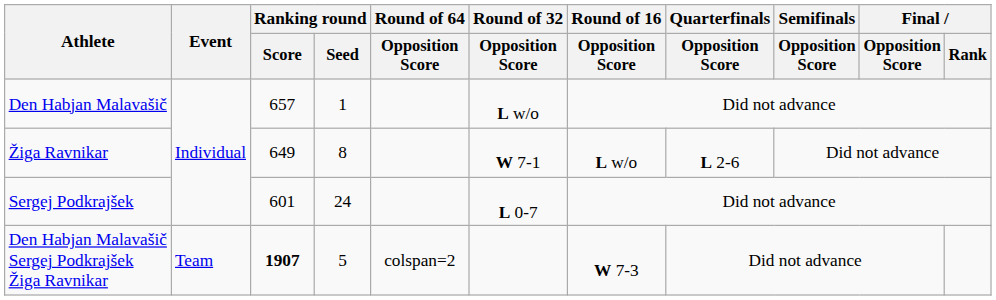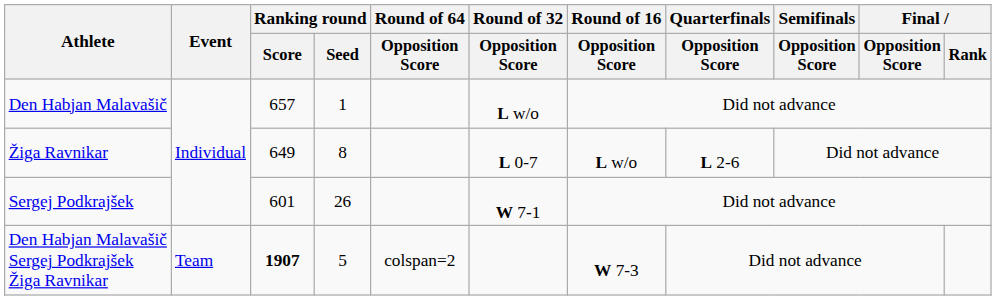 <table class="wikitable" style="font-size:90%">
 <tr>
 <th rowspan=2>Athlete</th>
 <th rowspan=2>Event</th>
 <th colspan=2>Ranking round</th>
 <th>Round of 64</th>
 <th>Round of 32</th>
 <th>Round of 16</th>
 <th>Quarterfinals</th>
 <th>Semifinals</th>
 <th colspan=2>Final / </th>
 </tr>
 <tr style="font-size:95%">
 <th>Score</th>
 <th>Seed</th>
 <th>Opposition<br>Score</th>
 <th>Opposition<br>Score</th>
 <th>Opposition<br>Score</th>
 <th>Opposition<br>Score</th>
 <th>Opposition<br>Score</th>
 <th>Opposition<br>Score</th>
 <th>Rank</th>
 </tr>
 <tr align=center>
 <td align=left><a href='#'>Den Habjan Malavašič</a></td>
 <td align=left rowspan=3><a href='#'>Individual</a></td>
 <td>657</td>
 <td>1</td>
 <td></td>
 <td><br><strong>L</strong> w/o</td>
 <td colspan=5>Did not advance</td>
 </tr>
 <tr align=center>
 <td align=left><a href='#'>Žiga Ravnikar</a></td>
 <td>649</td>
 <td>8</td>
 <td></td>
-<td><br><strong>W</strong> 7-1</td>
+<td><br><strong>L</strong> 0-7</td>
 <td><br><strong>L</strong> w/o</td>
 <td><br><strong>L</strong> 2-6</td>
 <td colspan=3>Did not advance</td>
 </tr>
 <tr align=center>
 <td align=left><a href='#'>Sergej Podkrajšek</a></td>
 <td>601</td>
-<td>24</td>
+<td>26</td>
 <td></td>
-<td><br><strong>L</strong> 0-7</td>
+<td><br><strong>W</strong> 7-1</td>
 <td colspan=5>Did not advance</td>
 </tr>
 <tr align=center>
 <td align=left><a href='#'>Den Habjan Malavašič</a><br><a href='#'>Sergej Podkrajšek</a><br><a href='#'>Žiga Ravnikar</a></td>
 <td align=left><a href='#'>Team</a></td>
 <td><strong>1907</strong></td>
 <td>5</td>
 <td>colspan=2 </td>
 <td></td>
 <td><br><strong>W</strong> 7-3</td>
 <td colspan=3>Did not advance</td>
 </tr>
 </table>
